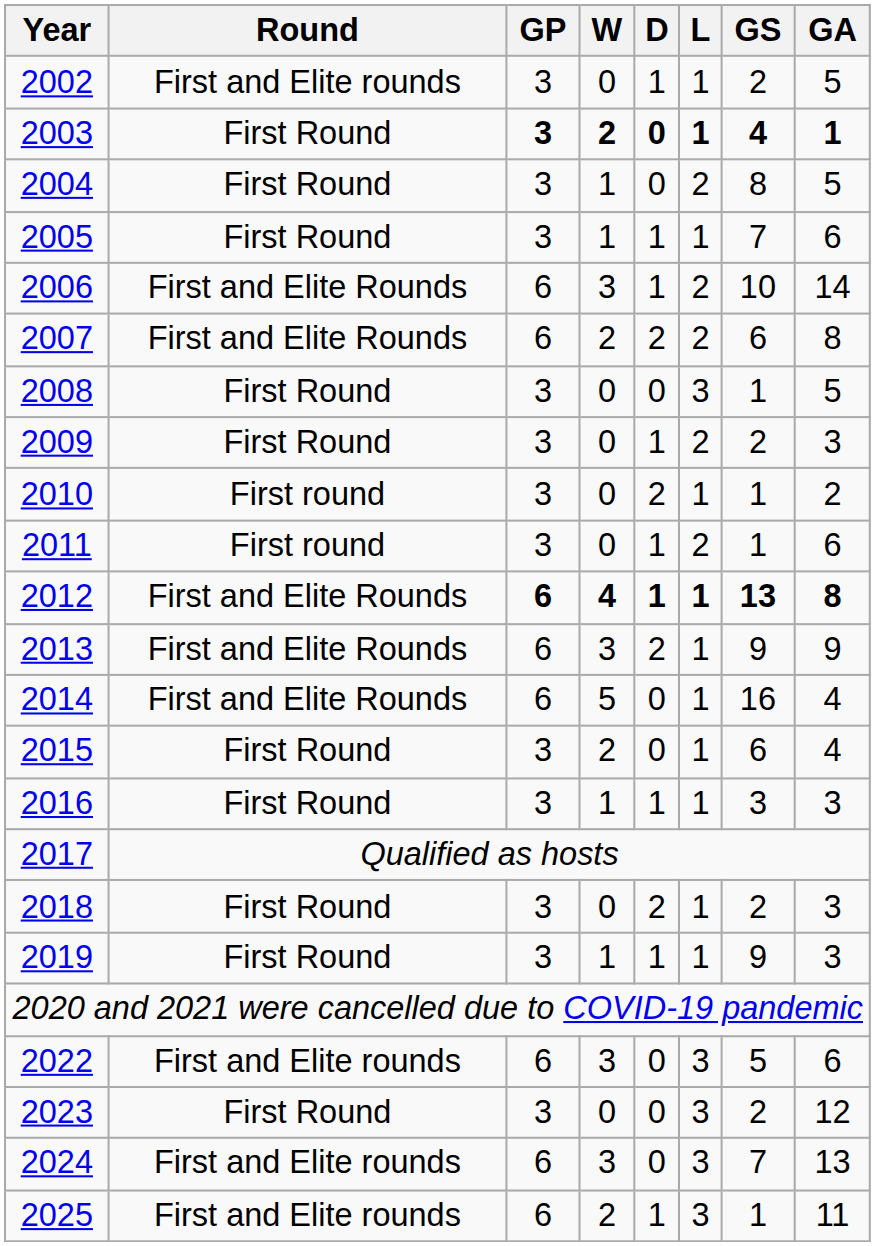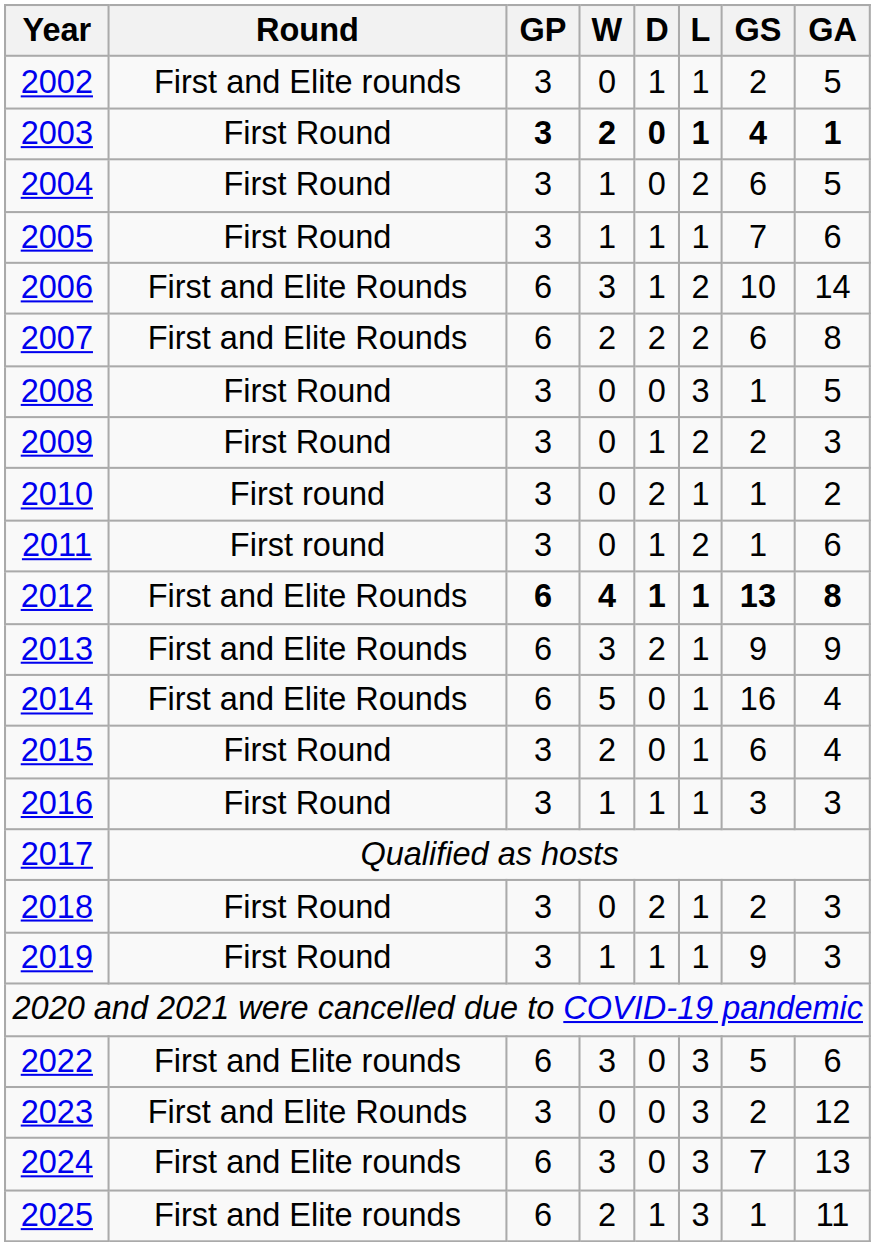 <table class="wikitable" style="text-align: center;">
 <tr>
 <th>Year</th>
 <th>Round</th>
 <th>GP</th>
 <th>W</th>
 <th>D</th>
 <th>L</th>
 <th>GS</th>
 <th>GA</th>
 </tr>
 <tr>
 <td> <a href='#'>2002</a></td>
 <td>First and Elite rounds</td>
 <td>3</td>
 <td>0</td>
 <td>1</td>
 <td>1</td>
 <td>2</td>
 <td>5</td>
 </tr>
 <tr>
 <td> <a href='#'>2003</a></td>
 <td>First Round</td>
 <td><strong>3</strong></td>
 <td><strong>2</strong></td>
 <td><strong>0</strong></td>
 <td><strong>1</strong></td>
 <td><strong>4</strong></td>
 <td><strong>1</strong></td>
 </tr>
 <tr>
 <td> <a href='#'>2004</a></td>
 <td>First Round</td>
 <td>3</td>
 <td>1</td>
 <td>0</td>
 <td>2</td>
-<td>8</td>
+<td>6</td>
 <td>5</td>
 </tr>
 <tr>
 <td> <a href='#'>2005</a></td>
 <td>First Round</td>
 <td>3</td>
 <td>1</td>
 <td>1</td>
 <td>1</td>
 <td>7</td>
 <td>6</td>
 </tr>
 <tr>
 <td> <a href='#'>2006</a></td>
 <td>First and Elite Rounds</td>
 <td>6</td>
 <td>3</td>
 <td>1</td>
 <td>2</td>
 <td>10</td>
 <td>14</td>
 </tr>
 <tr>
 <td> <a href='#'>2007</a></td>
 <td>First and Elite Rounds</td>
 <td>6</td>
 <td>2</td>
 <td>2</td>
 <td>2</td>
 <td>6</td>
 <td>8</td>
 </tr>
 <tr>
 <td> <a href='#'>2008</a></td>
 <td>First Round</td>
 <td>3</td>
 <td>0</td>
 <td>0</td>
 <td>3</td>
 <td>1</td>
 <td>5</td>
 </tr>
 <tr>
 <td> <a href='#'>2009</a></td>
 <td>First Round</td>
 <td>3</td>
 <td>0</td>
 <td>1</td>
 <td>2</td>
 <td>2</td>
 <td>3</td>
 </tr>
 <tr>
 <td> <a href='#'>2010</a></td>
 <td>First round</td>
 <td>3</td>
 <td>0</td>
 <td>2</td>
 <td>1</td>
 <td>1</td>
 <td>2</td>
 </tr>
 <tr>
 <td> <a href='#'>2011</a></td>
 <td>First round</td>
 <td>3</td>
 <td>0</td>
 <td>1</td>
 <td>2</td>
 <td>1</td>
 <td>6</td>
 </tr>
 <tr>
 <td> <a href='#'>2012</a></td>
 <td>First and Elite Rounds</td>
 <td><strong>6</strong></td>
 <td><strong>4</strong></td>
 <td><strong>1</strong></td>
 <td><strong>1</strong></td>
 <td><strong>13</strong></td>
 <td><strong>8</strong></td>
 </tr>
 <tr>
 <td> <a href='#'>2013</a></td>
 <td>First and Elite Rounds</td>
 <td>6</td>
 <td>3</td>
 <td>2</td>
 <td>1</td>
 <td>9</td>
 <td>9</td>
 </tr>
 <tr>
 <td> <a href='#'>2014</a></td>
 <td>First and Elite Rounds</td>
 <td>6</td>
 <td>5</td>
 <td>0</td>
 <td>1</td>
 <td>16</td>
 <td>4</td>
 </tr>
 <tr>
 <td> <a href='#'>2015</a></td>
 <td>First Round</td>
 <td>3</td>
 <td>2</td>
 <td>0</td>
 <td>1</td>
 <td>6</td>
 <td>4</td>
 </tr>
 <tr>
 <td> <a href='#'>2016</a></td>
 <td>First Round</td>
 <td>3</td>
 <td>1</td>
 <td>1</td>
 <td>1</td>
 <td>3</td>
 <td>3</td>
 </tr>
 <tr>
 <td> <a href='#'>2017</a></td>
 <td colspan='7'><em>Qualified as hosts</em></td>
 </tr>
 <tr>
 <td> <a href='#'>2018</a></td>
 <td>First Round</td>
 <td>3</td>
 <td>0</td>
 <td>2</td>
 <td>1</td>
 <td>2</td>
 <td>3</td>
 </tr>
 <tr>
 <td> <a href='#'>2019</a></td>
 <td>First Round</td>
 <td>3</td>
 <td>1</td>
 <td>1</td>
 <td>1</td>
 <td>9</td>
 <td>3</td>
 </tr>
 <tr>
 <td colspan=8><em>2020 and 2021 were cancelled due to <a href='#'>COVID-19 pandemic</a></em></td>
 </tr>
 <tr>
 <td> <a href='#'>2022</a></td>
 <td>First and Elite rounds</td>
 <td>6</td>
 <td>3</td>
 <td>0</td>
 <td>3</td>
 <td>5</td>
 <td>6</td>
 </tr>
 <tr>
 <td> <a href='#'>2023</a></td>
-<td>First Round</td>
+<td>First and Elite Rounds</td>
 <td>3</td>
 <td>0</td>
 <td>0</td>
 <td>3</td>
 <td>2</td>
 <td>12</td>
 </tr>
 <tr>
 <td> <a href='#'>2024</a></td>
 <td>First and Elite rounds</td>
 <td>6</td>
 <td>3</td>
 <td>0</td>
 <td>3</td>
 <td>7</td>
 <td>13</td>
 </tr>
 <tr>
 <td> <a href='#'>2025</a></td>
 <td>First and Elite rounds</td>
 <td>6</td>
 <td>2</td>
 <td>1</td>
 <td>3</td>
 <td>1</td>
 <td>11</td>
 </tr>
 </table>
